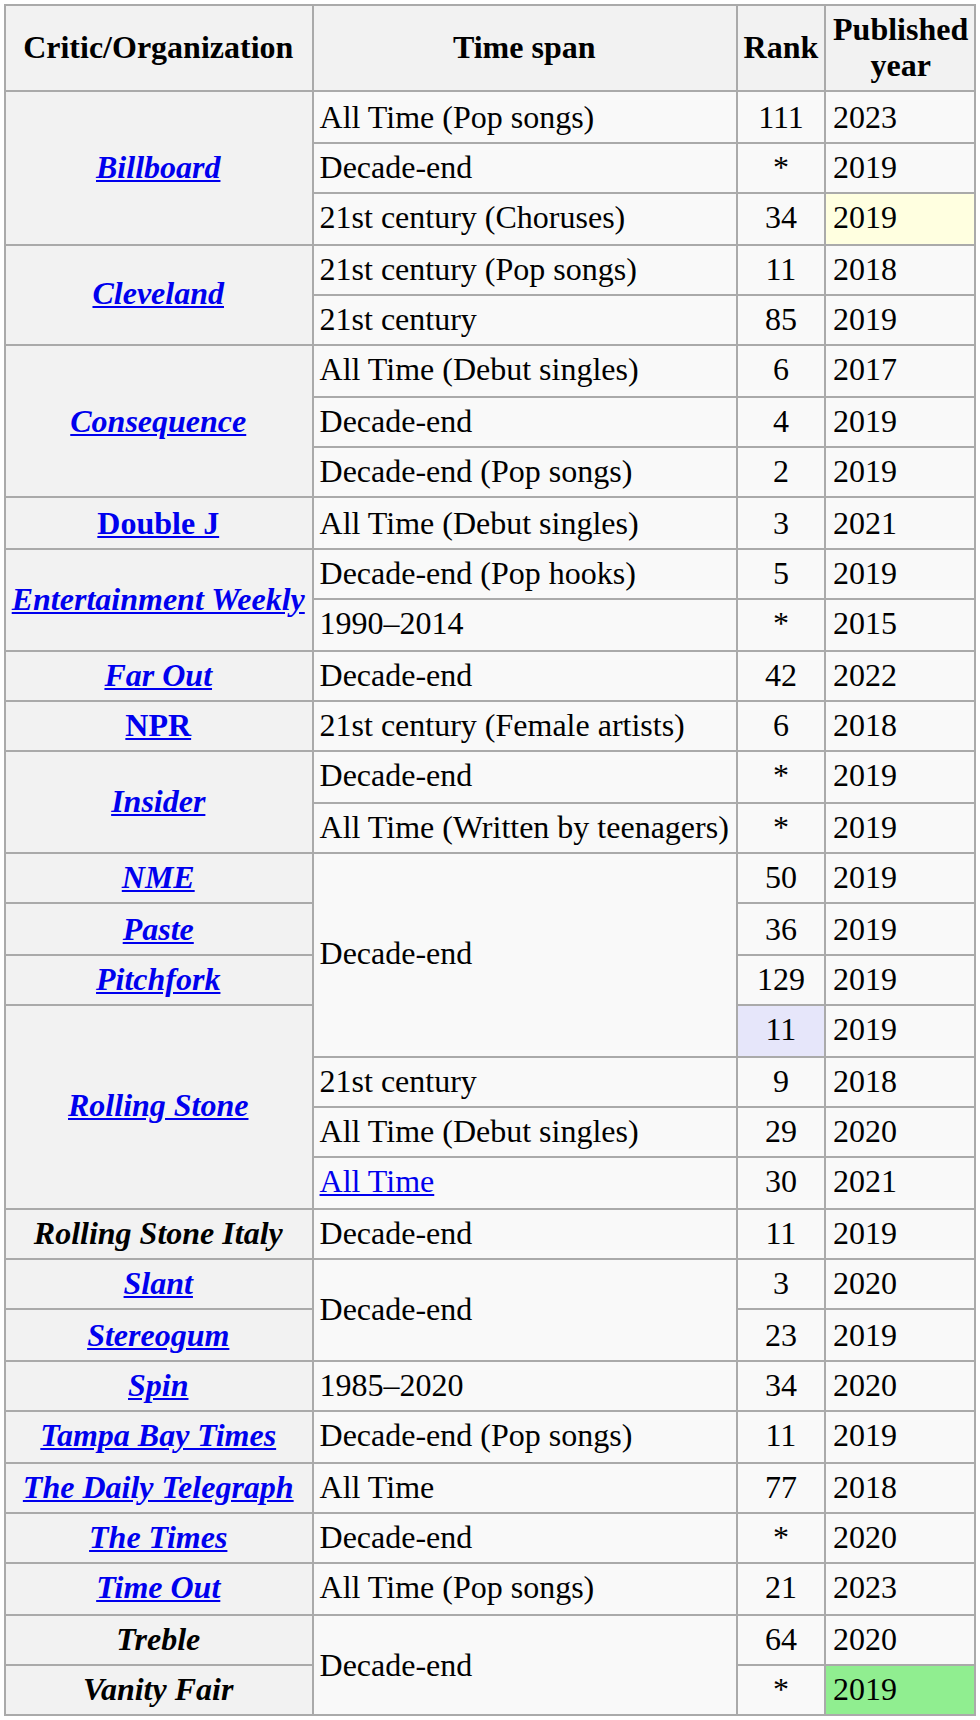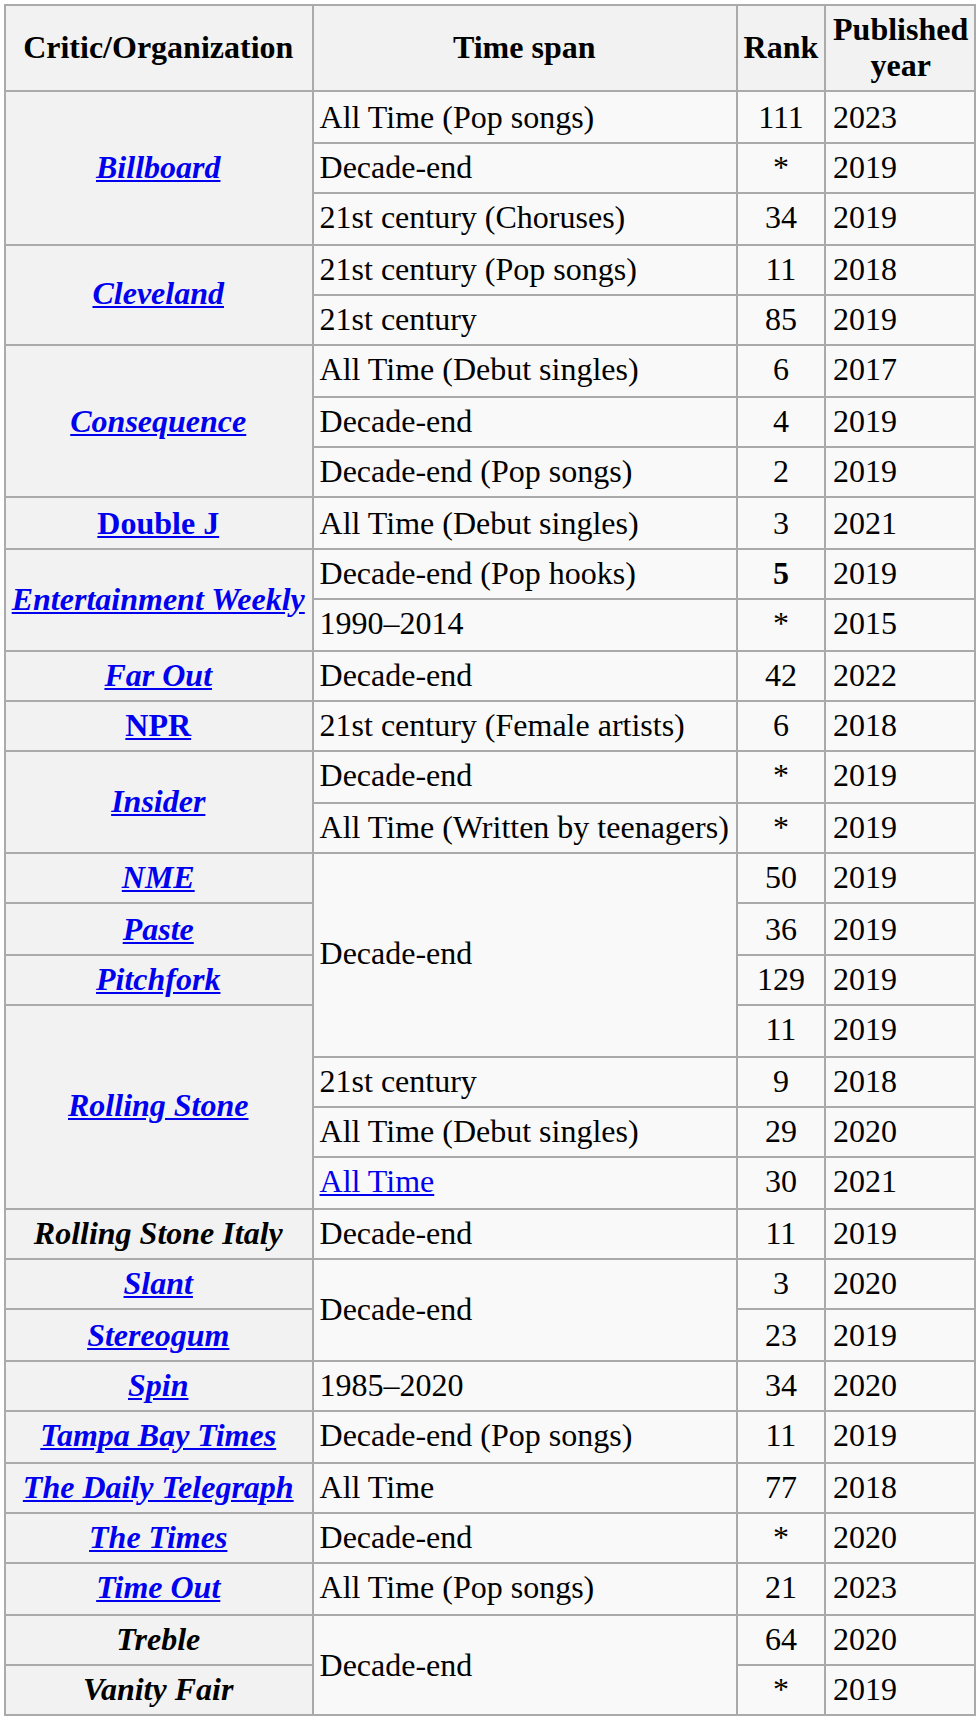 <table class="wikitable sortable plainrowheaders" style="margin-left: auto; margin-right: auto; border: none;">
 <tr>
 <th scope="col">Critic/Organization</th>
 <th scope="col">Time span</th>
 <th scope="col">Rank</th>
 <th scope="col">Published<br>year</th>
 </tr>
 <tr>
 <th scope="row" rowspan="3"><em><a href='#'>Billboard</a></em></th>
 <td>All Time (Pop songs)</td>
 <td style="text-align:center;">111</td>
 <td>2023</td>
 </tr>
 <tr>
 <td>Decade-end</td>
 <td style="text-align:center;">*</td>
 <td>2019</td>
 </tr>
 <tr>
 <td>21st century (Choruses)</td>
 <td style="text-align:center;">34</td>
-<td style="background: lightyellow;">2019</td>
+<td>2019</td>
 </tr>
 <tr>
 <th scope="row" rowspan="2"><em><a href='#'>Cleveland</a></em></th>
 <td>21st century (Pop songs)</td>
 <td style="text-align:center;">11</td>
 <td>2018</td>
 </tr>
 <tr>
 <td>21st century</td>
 <td style="text-align:center;">85</td>
 <td>2019</td>
 </tr>
 <tr>
 <th scope="row" rowspan="3"><em><a href='#'>Consequence</a></em></th>
 <td>All Time (Debut singles)</td>
 <td style="text-align:center;">6</td>
 <td>2017</td>
 </tr>
 <tr>
 <td>Decade-end</td>
 <td style="text-align:center;">4</td>
 <td>2019</td>
 </tr>
 <tr>
 <td>Decade-end (Pop songs)</td>
 <td style="text-align:center;">2</td>
 <td>2019</td>
 </tr>
 <tr>
 <th scope="row"><a href='#'>Double J</a></th>
 <td>All Time (Debut singles)</td>
 <td style="text-align:center;">3</td>
 <td>2021</td>
 </tr>
 <tr>
 <th scope="row" rowspan="2"><em><a href='#'>Entertainment Weekly</a></em></th>
 <td>Decade-end (Pop hooks)</td>
-<td style="text-align:center;">5</td>
+<td style="text-align:center;"><strong>5</strong></td>
 <td>2019</td>
 </tr>
 <tr>
 <td>1990–2014</td>
 <td style="text-align:center;">*</td>
 <td>2015</td>
 </tr>
 <tr>
 <th scope="row"><em><a href='#'>Far Out</a></em></th>
 <td>Decade-end</td>
 <td style="text-align:center;">42</td>
 <td>2022</td>
 </tr>
 <tr>
 <th scope="row"><a href='#'>NPR</a></th>
 <td>21st century (Female artists)</td>
 <td style="text-align:center;">6</td>
 <td>2018</td>
 </tr>
 <tr>
 <th scope="row" rowspan="2"><em><a href='#'>Insider</a></em></th>
 <td>Decade-end</td>
 <td style="text-align:center;">*</td>
 <td>2019</td>
 </tr>
 <tr>
 <td>All Time (Written by teenagers)</td>
 <td style="text-align:center;">*</td>
 <td>2019</td>
 </tr>
 <tr>
 <th scope="row"><em><a href='#'>NME</a></em></th>
 <td rowspan="4">Decade-end</td>
 <td style="text-align:center;">50</td>
 <td>2019</td>
 </tr>
 <tr>
 <th scope="row"><em><a href='#'>Paste</a></em></th>
 <td style="text-align:center;">36</td>
 <td>2019</td>
 </tr>
 <tr>
 <th scope="row"><em><a href='#'>Pitchfork</a></em></th>
 <td style="text-align:center;">129</td>
 <td>2019</td>
 </tr>
 <tr>
 <th scope="row" rowspan="4"><em><a href='#'>Rolling Stone</a></em></th>
-<td style="background: lavender; text-align:center;">11</td>
+<td style="text-align:center;">11</td>
 <td>2019</td>
 </tr>
 <tr>
 <td>21st century</td>
 <td style="text-align:center;">9</td>
 <td>2018</td>
 </tr>
 <tr>
 <td>All Time (Debut singles)</td>
 <td style="text-align:center;">29</td>
 <td>2020</td>
 </tr>
 <tr>
 <td><a href='#'>All Time</a></td>
 <td style="text-align:center;">30</td>
 <td>2021</td>
 </tr>
 <tr>
 <th scope="row"><em>Rolling Stone Italy</em></th>
 <td>Decade-end</td>
 <td style="text-align:center;">11</td>
 <td>2019</td>
 </tr>
 <tr>
 <th scope="row"><em><a href='#'>Slant</a></em></th>
 <td rowspan="2">Decade-end</td>
 <td style="text-align:center;">3</td>
 <td>2020</td>
 </tr>
 <tr>
 <th scope="row"><em><a href='#'>Stereogum</a></em></th>
 <td style="text-align:center;">23</td>
 <td>2019</td>
 </tr>
 <tr>
 <th scope="row"><em><a href='#'>Spin</a></em></th>
 <td>1985–2020</td>
 <td style="text-align:center;">34</td>
 <td>2020</td>
 </tr>
 <tr>
 <th scope="row"><em><a href='#'>Tampa Bay Times</a></em></th>
 <td>Decade-end (Pop songs)</td>
 <td style="text-align:center;">11</td>
 <td>2019</td>
 </tr>
 <tr>
 <th scope="row"><em><a href='#'>The Daily Telegraph</a></em></th>
 <td>All Time</td>
 <td style="text-align:center;">77</td>
 <td>2018</td>
 </tr>
 <tr>
 <th scope="row"><em><a href='#'>The Times</a></em></th>
 <td>Decade-end</td>
 <td style="text-align:center;">*</td>
 <td>2020</td>
 </tr>
 <tr>
 <th scope="row"><em><a href='#'>Time Out</a></em></th>
 <td>All Time (Pop songs)</td>
 <td style="text-align:center;">21</td>
 <td>2023</td>
 </tr>
 <tr>
 <th scope="row"><em>Treble</em></th>
 <td rowspan="2">Decade-end</td>
 <td style="text-align:center;">64</td>
 <td>2020</td>
 </tr>
 <tr>
 <th scope="row"><em>Vanity Fair</em></th>
 <td style="text-align:center;">*</td>
-<td style="background: lightgreen;">2019</td>
+<td>2019</td>
 </tr>
 <tr>
 </tr>
 </table>
